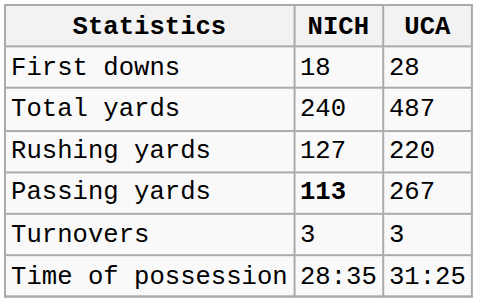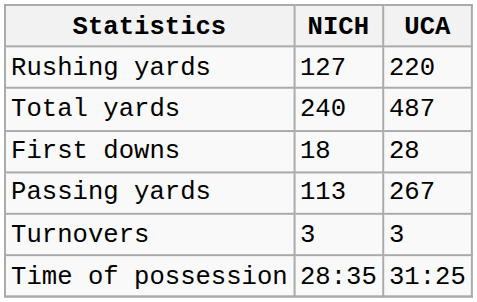 <table class="wikitable">
 <tr>
 <th>Statistics</th>
 <th>NICH</th>
 <th>UCA</th>
 </tr>
 <tr>
-<td>First downs</td>
-<td>18</td>
-<td>28</td>
+<td>Rushing yards</td>
+<td>127</td>
+<td>220</td>
 </tr>
 <tr>
 <td>Total yards</td>
 <td>240</td>
 <td>487</td>
 </tr>
 <tr>
-<td>Rushing yards</td>
-<td>127</td>
-<td>220</td>
+<td>First downs</td>
+<td>18</td>
+<td>28</td>
 </tr>
 <tr>
 <td>Passing yards</td>
-<td><strong>113</strong></td>
+<td>113</td>
 <td>267</td>
 </tr>
 <tr>
 <td>Turnovers</td>
 <td>3</td>
 <td>3</td>
 </tr>
 <tr>
 <td>Time of possession</td>
 <td>28:35</td>
 <td>31:25</td>
 </tr>
 <tr>
 </tr>
 </table>
